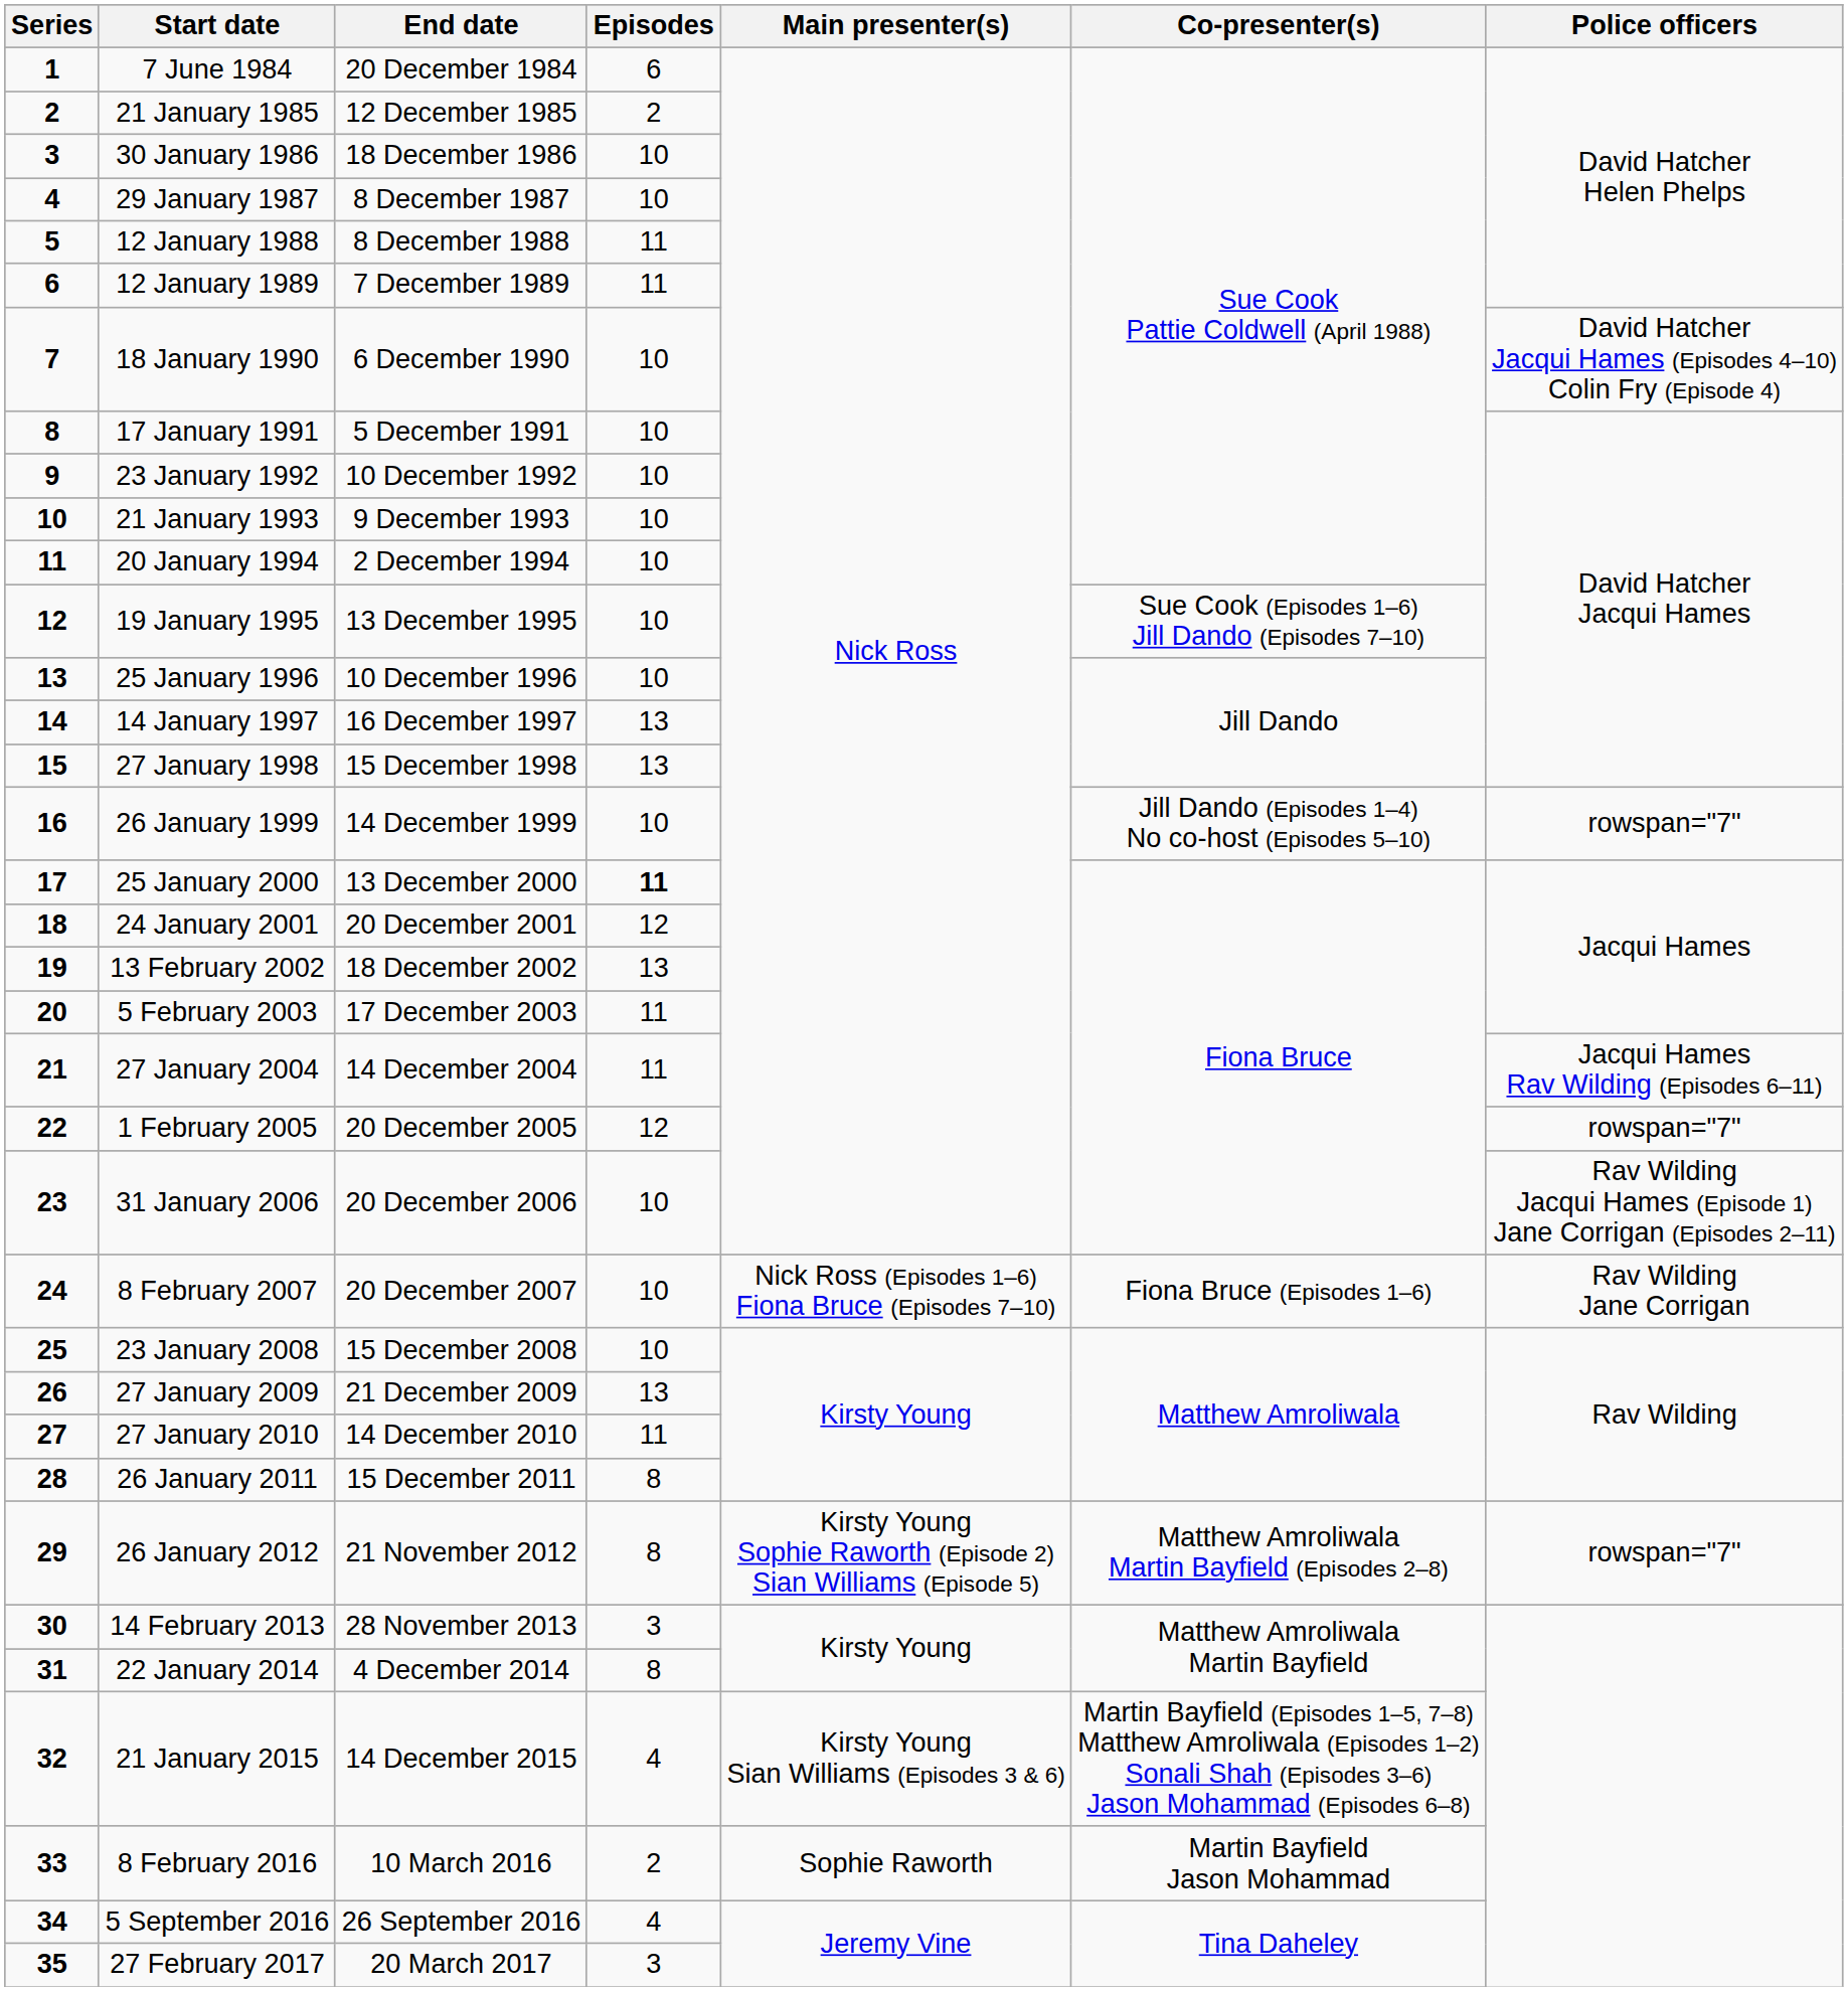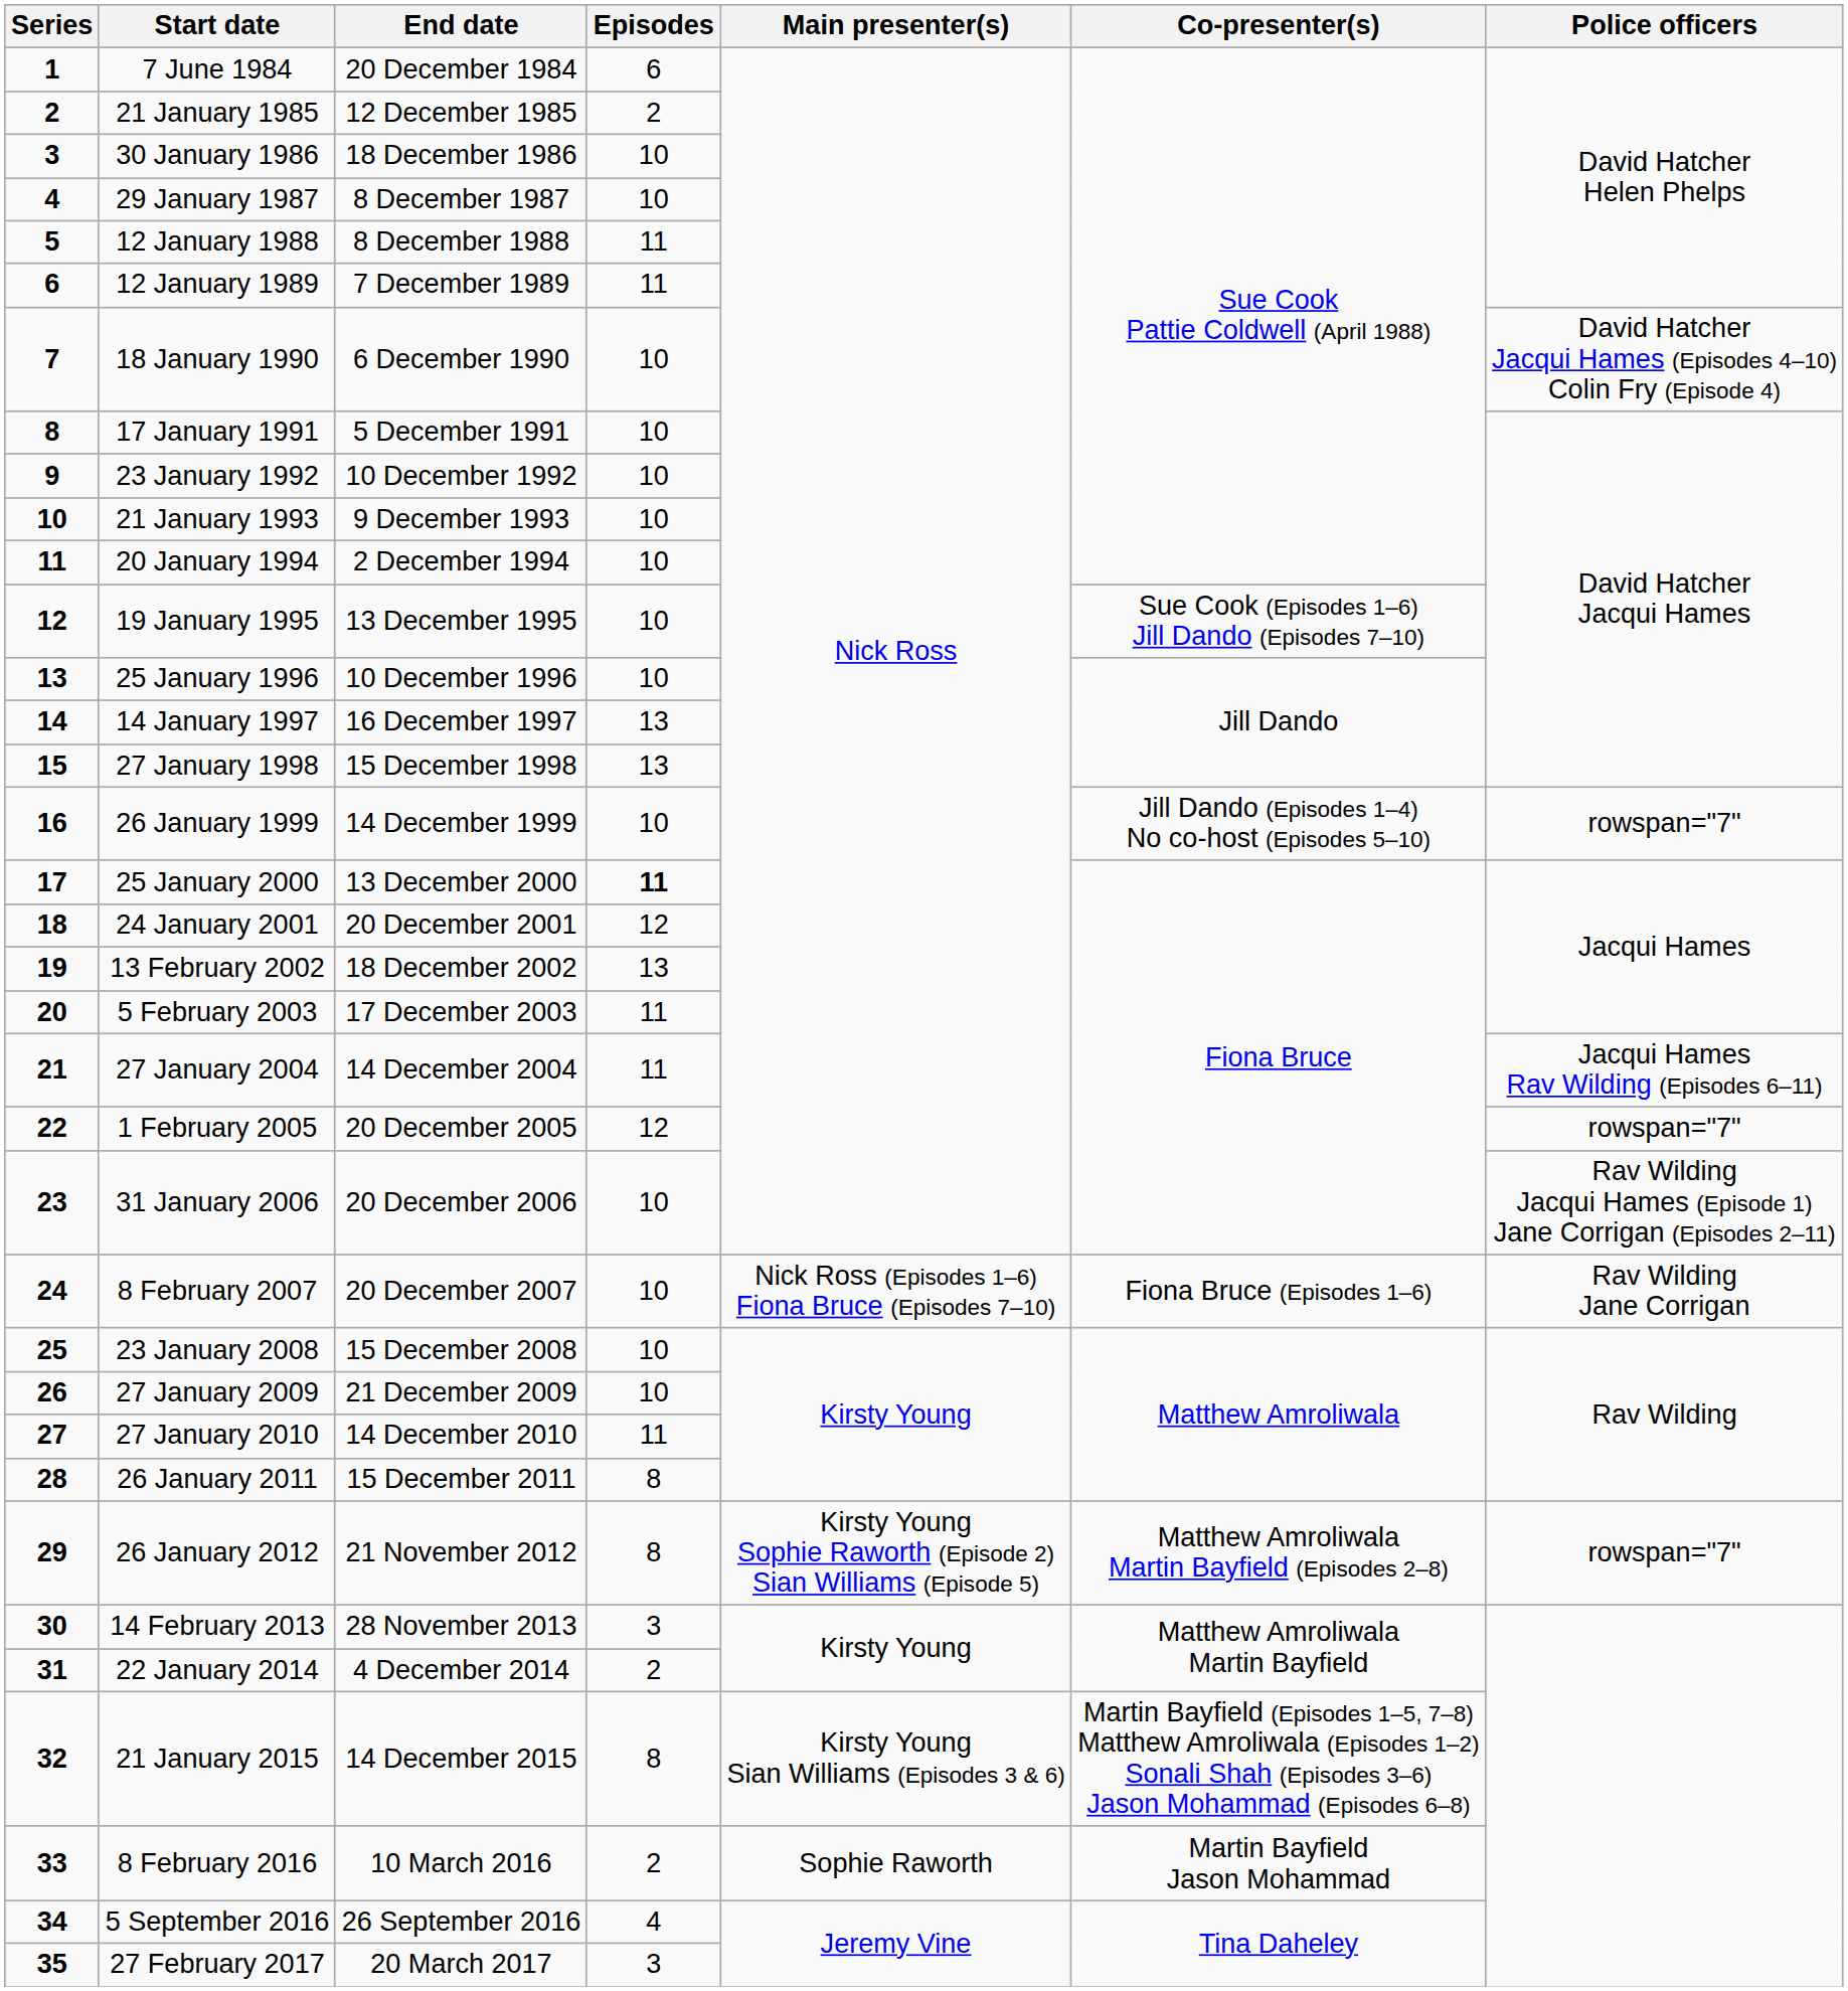 <table class="wikitable" style="text-align:center;">
 <tr>
 <th>Series</th>
 <th>Start date</th>
 <th>End date</th>
 <th>Episodes</th>
 <th>Main presenter(s)</th>
 <th>Co-presenter(s)</th>
 <th>Police officers</th>
 </tr>
 <tr>
 <td><strong>1</strong></td>
 <td>7 June 1984</td>
 <td>20 December 1984</td>
 <td>6</td>
 <td rowspan="23"><a href='#'>Nick Ross</a></td>
 <td rowspan="11"><a href='#'>Sue Cook</a><br><a href='#'>Pattie Coldwell</a> <small>(April 1988)</small></td>
 <td rowspan="6">David Hatcher<br>Helen Phelps</td>
 </tr>
 <tr>
 <td><strong>2</strong></td>
 <td>21 January 1985</td>
 <td>12 December 1985</td>
 <td>2</td>
 </tr>
 <tr>
 <td><strong>3</strong></td>
 <td>30 January 1986</td>
 <td>18 December 1986</td>
 <td>10</td>
 </tr>
 <tr>
 <td><strong>4</strong></td>
 <td>29 January 1987</td>
 <td>8 December 1987</td>
 <td>10</td>
 </tr>
 <tr>
 <td><strong>5</strong></td>
 <td>12 January 1988</td>
 <td>8 December 1988</td>
 <td>11</td>
 </tr>
 <tr>
 <td><strong>6</strong></td>
 <td>12 January 1989</td>
 <td>7 December 1989</td>
 <td>11</td>
 </tr>
 <tr>
 <td><strong>7</strong></td>
 <td>18 January 1990</td>
 <td>6 December 1990</td>
 <td>10</td>
 <td>David Hatcher<br><a href='#'>Jacqui Hames</a> <small>(Episodes 4–10)</small><br>Colin Fry <small>(Episode 4)</small></td>
 </tr>
 <tr>
 <td><strong>8</strong></td>
 <td>17 January 1991</td>
 <td>5 December 1991</td>
 <td>10</td>
 <td rowspan="8">David Hatcher<br>Jacqui Hames</td>
 </tr>
 <tr>
 <td><strong>9</strong></td>
 <td>23 January 1992</td>
 <td>10 December 1992</td>
 <td>10</td>
 </tr>
 <tr>
 <td><strong>10</strong></td>
 <td>21 January 1993</td>
 <td>9 December 1993</td>
 <td>10</td>
 </tr>
 <tr>
 <td><strong>11</strong></td>
 <td>20 January 1994</td>
 <td>2 December 1994</td>
 <td>10</td>
 </tr>
 <tr>
 <td><strong>12</strong></td>
 <td>19 January 1995</td>
 <td>13 December 1995</td>
 <td>10</td>
 <td>Sue Cook <small>(Episodes 1–6)</small><br><a href='#'>Jill Dando</a> <small>(Episodes 7–10)</small></td>
 </tr>
 <tr>
 <td><strong>13</strong></td>
 <td>25 January 1996</td>
 <td>10 December 1996</td>
 <td>10</td>
 <td rowspan="3">Jill Dando</td>
 </tr>
 <tr>
 <td><strong>14</strong></td>
 <td>14 January 1997</td>
 <td>16 December 1997</td>
 <td>13</td>
 </tr>
 <tr>
 <td><strong>15</strong></td>
 <td>27 January 1998</td>
 <td>15 December 1998</td>
 <td>13</td>
 </tr>
 <tr>
 <td><strong>16</strong></td>
 <td>26 January 1999</td>
 <td>14 December 1999</td>
 <td>10</td>
 <td>Jill Dando <small>(Episodes 1–4)</small><br>No co-host <small>(Episodes 5–10)</small></td>
 <td>rowspan="7" </td>
 </tr>
 <tr>
 <td><strong>17</strong></td>
 <td>25 January 2000</td>
 <td>13 December 2000</td>
 <td><strong>11</strong></td>
 <td rowspan="7"><a href='#'>Fiona Bruce</a></td>
 <td rowspan="4">Jacqui Hames</td>
 </tr>
 <tr>
 <td><strong>18</strong></td>
 <td>24 January 2001</td>
 <td>20 December 2001</td>
 <td>12</td>
 </tr>
 <tr>
 <td><strong>19</strong></td>
 <td>13 February 2002</td>
 <td>18 December 2002</td>
 <td>13</td>
 </tr>
 <tr>
 <td><strong>20</strong></td>
 <td>5 February 2003</td>
 <td>17 December 2003</td>
 <td>11</td>
 </tr>
 <tr>
 <td><strong>21</strong></td>
 <td>27 January 2004</td>
 <td>14 December 2004</td>
 <td>11</td>
 <td>Jacqui Hames<br><a href='#'>Rav Wilding</a> <small>(Episodes 6–11)</small></td>
 </tr>
 <tr>
 <td><strong>22</strong></td>
 <td>1 February 2005</td>
 <td>20 December 2005</td>
 <td>12</td>
 <td>rowspan="7" </td>
 </tr>
 <tr>
 <td><strong>23</strong></td>
 <td>31 January 2006</td>
 <td>20 December 2006</td>
 <td>10</td>
 <td>Rav Wilding<br>Jacqui Hames <small>(Episode 1)</small><br>Jane Corrigan <small>(Episodes 2–11)</small></td>
 </tr>
 <tr>
 <td><strong>24</strong></td>
 <td>8 February 2007</td>
 <td>20 December 2007</td>
 <td>10</td>
 <td>Nick Ross <small>(Episodes 1–6)</small><br><a href='#'>Fiona Bruce</a> <small>(Episodes 7–10)</small></td>
 <td>Fiona Bruce <small>(Episodes 1–6)</small></td>
 <td>Rav Wilding<br>Jane Corrigan</td>
 </tr>
 <tr>
 <td><strong>25</strong></td>
 <td>23 January 2008</td>
 <td>15 December 2008</td>
 <td>10</td>
 <td rowspan="4"><a href='#'>Kirsty Young</a></td>
 <td rowspan="4"><a href='#'>Matthew Amroliwala</a></td>
 <td rowspan="4">Rav Wilding</td>
 </tr>
 <tr>
 <td><strong>26</strong></td>
 <td>27 January 2009</td>
 <td>21 December 2009</td>
-<td>13</td>
+<td>10</td>
 </tr>
 <tr>
 <td><strong>27</strong></td>
 <td>27 January 2010</td>
 <td>14 December 2010</td>
 <td>11</td>
 </tr>
 <tr>
 <td><strong>28</strong></td>
 <td>26 January 2011</td>
 <td>15 December 2011</td>
 <td>8</td>
 </tr>
 <tr>
 <td><strong>29</strong></td>
 <td>26 January 2012</td>
 <td>21 November 2012</td>
 <td>8</td>
 <td>Kirsty Young<br><a href='#'>Sophie Raworth</a> <small>(Episode 2)</small><br><a href='#'>Sian Williams</a> <small>(Episode 5)</small></td>
 <td>Matthew Amroliwala<br><a href='#'>Martin Bayfield</a> <small>(Episodes 2–8)</small></td>
 <td>rowspan="7" </td>
 </tr>
 <tr>
 <td><strong>30</strong></td>
 <td>14 February 2013</td>
 <td>28 November 2013</td>
 <td>3</td>
 <td rowspan="2">Kirsty Young</td>
 <td rowspan="2">Matthew Amroliwala<br>Martin Bayfield</td>
 </tr>
 <tr>
 <td><strong>31</strong></td>
 <td>22 January 2014</td>
 <td>4 December 2014</td>
-<td>8</td>
+<td>2</td>
 </tr>
 <tr>
 <td><strong>32</strong></td>
 <td>21 January 2015</td>
 <td>14 December 2015</td>
-<td>4</td>
+<td>8</td>
 <td>Kirsty Young<br>Sian Williams <small>(Episodes 3 & 6)</small></td>
 <td>Martin Bayfield <small>(Episodes 1–5, 7–8)</small><br>Matthew Amroliwala <small>(Episodes 1–2)</small><br><a href='#'>Sonali Shah</a> <small>(Episodes 3–6)</small><br><a href='#'>Jason Mohammad</a> <small>(Episodes 6–8)</small></td>
 </tr>
 <tr>
 <td><strong>33</strong></td>
 <td>8 February 2016</td>
 <td>10 March 2016</td>
 <td>2</td>
 <td>Sophie Raworth</td>
 <td>Martin Bayfield<br>Jason Mohammad</td>
 </tr>
 <tr>
 <td><strong>34</strong></td>
 <td>5 September 2016</td>
 <td>26 September 2016</td>
 <td>4</td>
 <td rowspan="2"><a href='#'>Jeremy Vine</a></td>
 <td rowspan="2"><a href='#'>Tina Daheley</a></td>
 </tr>
 <tr>
 <td><strong>35</strong></td>
 <td>27 February 2017</td>
 <td>20 March 2017</td>
 <td>3</td>
 </tr>
 <tr>
 </tr>
 </table>
